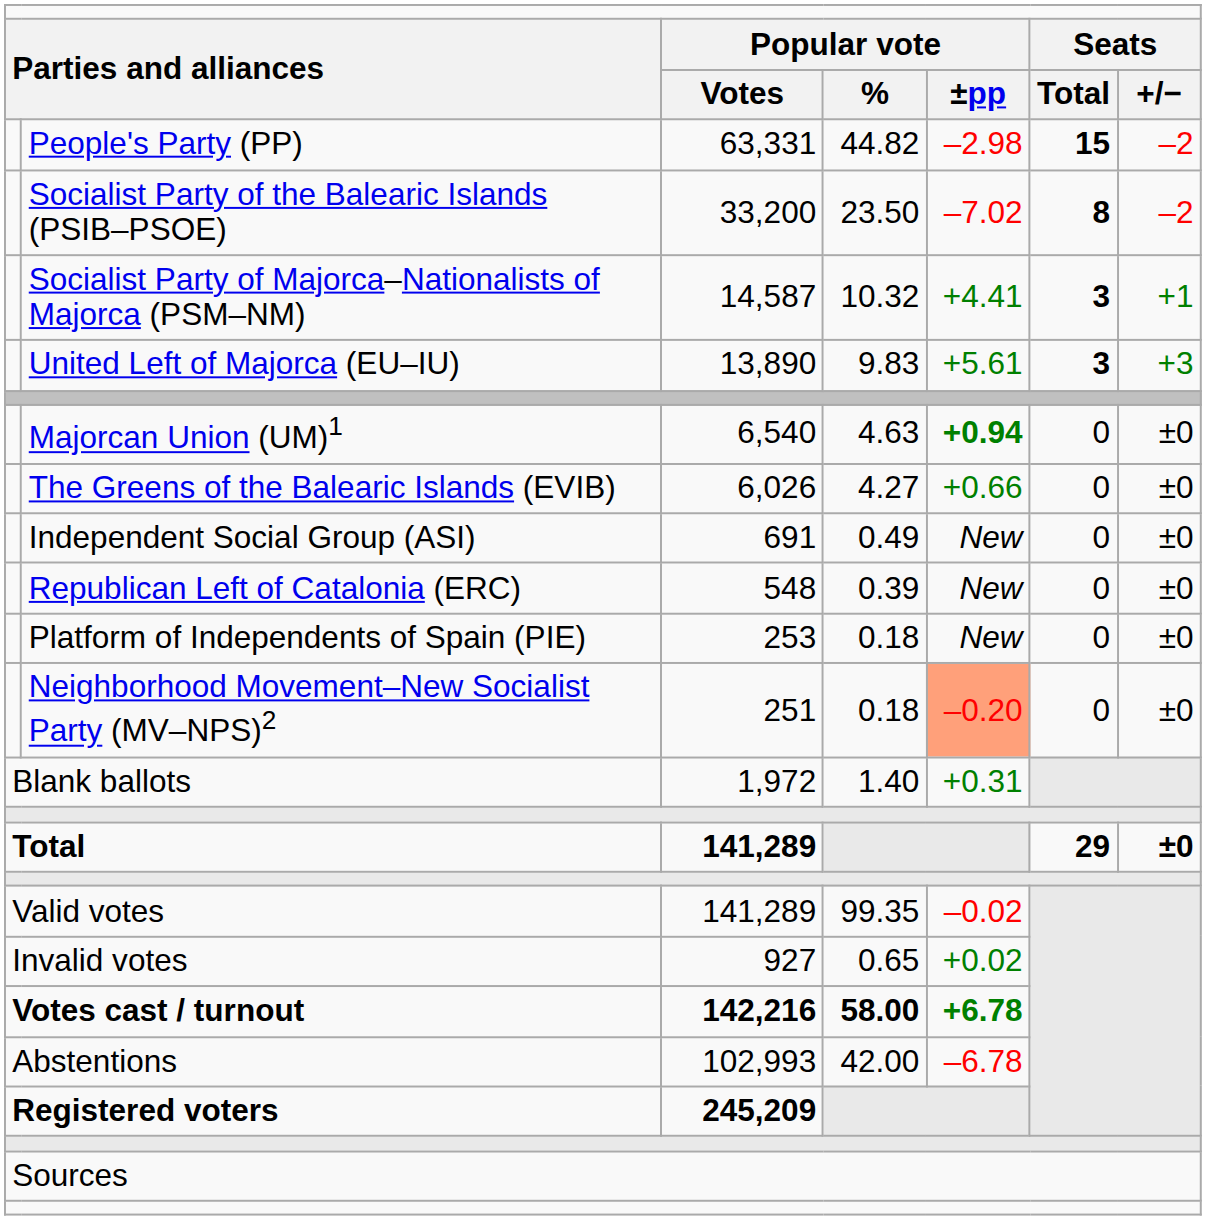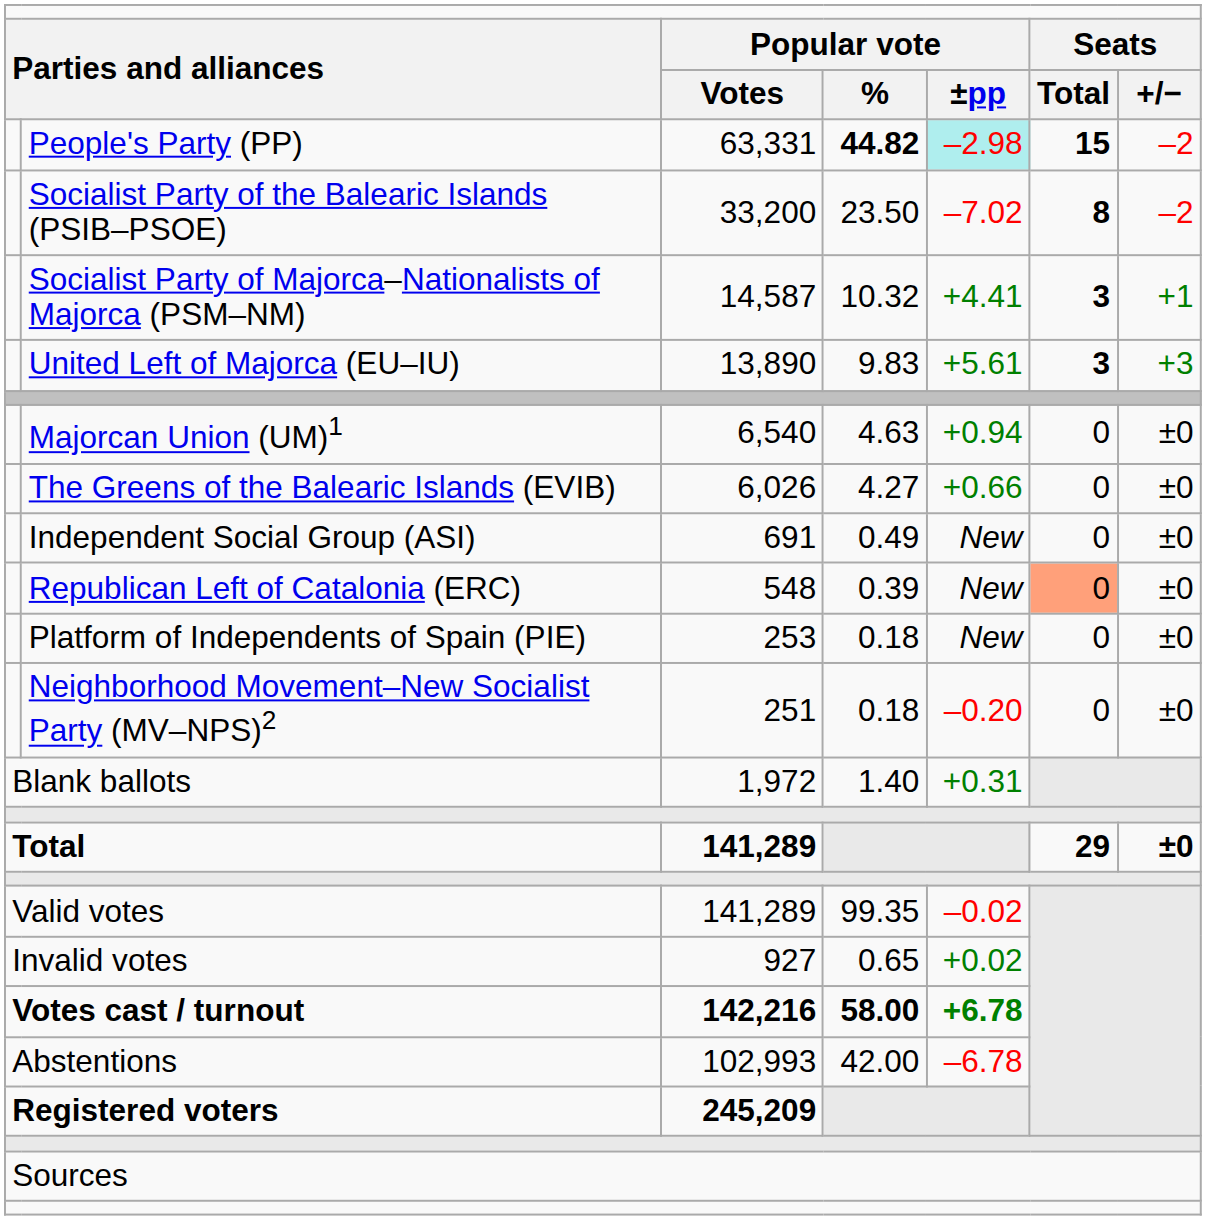 <table class="wikitable" style="text-align:right;">
 <tr>
 <td colspan="7"></td>
 </tr>
 <tr>
 <th style="text-align:left;" rowspan="2" colspan="2" width="525">Parties and alliances</th>
 <th colspan="3">Popular vote</th>
 <th colspan="2">Seats</th>
 </tr>
 <tr>
 <th width="75">Votes</th>
 <th width="45">%</th>
 <th width="45">±<a href='#'>pp</a></th>
 <th width="35">Total</th>
 <th width="35">+/−</th>
 </tr>
 <tr>
 <td width="1" style="color:inherit;background:"></td>
 <td align="left"><a href='#'>People's Party</a> (PP)</td>
 <td>63,331</td>
-<td>44.82</td>
-<td style="color:red;">–2.98</td>
+<td><strong>44.82</strong></td>
+<td style="background: paleturquoise; color:red;">–2.98</td>
 <td><strong>15</strong></td>
 <td style="color:red;">–2</td>
 </tr>
 <tr>
 <td style="color:inherit;background:"></td>
 <td align="left"><a href='#'>Socialist Party of the Balearic Islands</a> (PSIB–PSOE)</td>
 <td>33,200</td>
 <td>23.50</td>
 <td style="color:red;">–7.02</td>
 <td><strong>8</strong></td>
 <td style="color:red;">–2</td>
 </tr>
 <tr>
 <td style="color:inherit;background:"></td>
 <td align="left"><a href='#'>Socialist Party of Majorca</a>–<a href='#'>Nationalists of Majorca</a> (PSM–NM)</td>
 <td>14,587</td>
 <td>10.32</td>
 <td style="color:green;">+4.41</td>
 <td><strong>3</strong></td>
 <td style="color:green;">+1</td>
 </tr>
 <tr>
 <td style="color:inherit;background:"></td>
 <td align="left"><a href='#'>United Left of Majorca</a> (EU–IU)</td>
 <td>13,890</td>
 <td>9.83</td>
 <td style="color:green;">+5.61</td>
 <td><strong>3</strong></td>
 <td style="color:green;">+3</td>
 </tr>
 <tr>
 <td colspan="7" bgcolor="#C0C0C0"></td>
 </tr>
 <tr>
 <td style="color:inherit;background:"></td>
 <td align="left"><a href='#'>Majorcan Union</a> (UM)<sup>1</sup></td>
 <td>6,540</td>
 <td>4.63</td>
-<td style="color:green;"><strong>+0.94</strong></td>
+<td style="color:green;">+0.94</td>
 <td>0</td>
 <td>±0</td>
 </tr>
 <tr>
 <td style="color:inherit;background:"></td>
 <td align="left"><a href='#'>The Greens of the Balearic Islands</a> (EVIB)</td>
 <td>6,026</td>
 <td>4.27</td>
 <td style="color:green;">+0.66</td>
 <td>0</td>
 <td>±0</td>
 </tr>
 <tr>
 <td style="color:inherit;background:"></td>
 <td align="left">Independent Social Group (ASI)</td>
 <td>691</td>
 <td>0.49</td>
 <td><em>New</em></td>
 <td>0</td>
 <td>±0</td>
 </tr>
 <tr>
 <td style="color:inherit;background:"></td>
 <td align="left"><a href='#'>Republican Left of Catalonia</a> (ERC)</td>
 <td>548</td>
 <td>0.39</td>
 <td><em>New</em></td>
-<td>0</td>
+<td style="background: lightsalmon;">0</td>
 <td>±0</td>
 </tr>
 <tr>
 <td style="color:inherit;background:"></td>
 <td align="left">Platform of Independents of Spain (PIE)</td>
 <td>253</td>
 <td>0.18</td>
 <td><em>New</em></td>
 <td>0</td>
 <td>±0</td>
 </tr>
 <tr>
 <td style="color:inherit;background:"></td>
 <td align="left"><a href='#'>Neighborhood Movement–New Socialist Party</a> (MV–NPS)<sup>2</sup></td>
 <td>251</td>
 <td>0.18</td>
-<td style="background: lightsalmon; color:red;">–0.20</td>
+<td style="color:red;">–0.20</td>
 <td>0</td>
 <td>±0</td>
 </tr>
 <tr>
 <td align="left" colspan="2">Blank ballots</td>
 <td>1,972</td>
 <td>1.40</td>
 <td style="color:green;">+0.31</td>
 <td bgcolor="#E9E9E9" colspan="2"></td>
 </tr>
 <tr>
 <td colspan="7" bgcolor="#E9E9E9"></td>
 </tr>
 <tr style="font-weight:bold;">
 <td align="left" colspan="2">Total</td>
 <td>141,289</td>
 <td bgcolor="#E9E9E9" colspan="2"></td>
 <td>29</td>
 <td>±0</td>
 </tr>
 <tr>
 <td colspan="7" bgcolor="#E9E9E9"></td>
 </tr>
 <tr>
 <td align="left" colspan="2">Valid votes</td>
 <td>141,289</td>
 <td>99.35</td>
 <td style="color:red;">–0.02</td>
 <td bgcolor="#E9E9E9" colspan="2" rowspan="5"></td>
 </tr>
 <tr>
 <td align="left" colspan="2">Invalid votes</td>
 <td>927</td>
 <td>0.65</td>
 <td style="color:green;">+0.02</td>
 </tr>
 <tr style="font-weight:bold;">
 <td align="left" colspan="2">Votes cast / turnout</td>
 <td>142,216</td>
 <td>58.00</td>
 <td style="color:green;">+6.78</td>
 </tr>
 <tr>
 <td align="left" colspan="2">Abstentions</td>
 <td>102,993</td>
 <td>42.00</td>
 <td style="color:red;">–6.78</td>
 </tr>
 <tr style="font-weight:bold;">
 <td align="left" colspan="2">Registered voters</td>
 <td>245,209</td>
 <td bgcolor="#E9E9E9" colspan="2"></td>
 </tr>
 <tr>
 <td colspan="7" bgcolor="#E9E9E9"></td>
 </tr>
 <tr>
 <td align="left" colspan="7">Sources</td>
 </tr>
 <tr>
 <td colspan="7" style="text-align:left; max-width:790px;"></td>
 </tr>
 </table>
